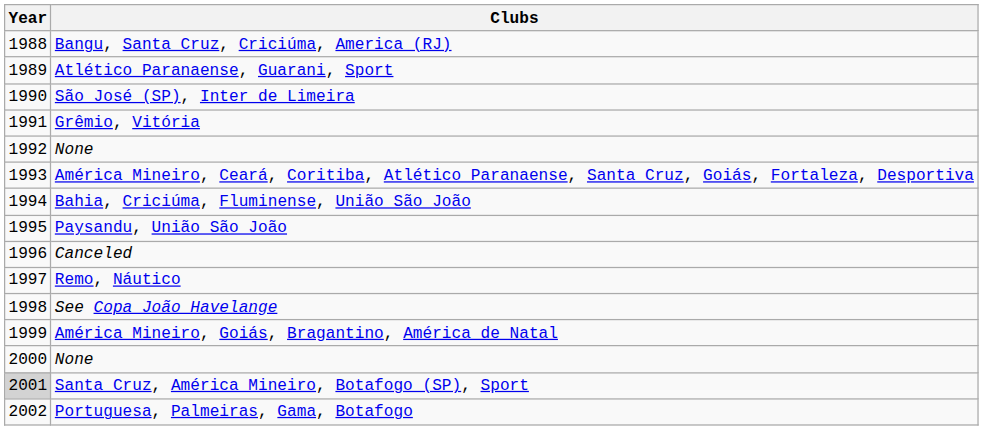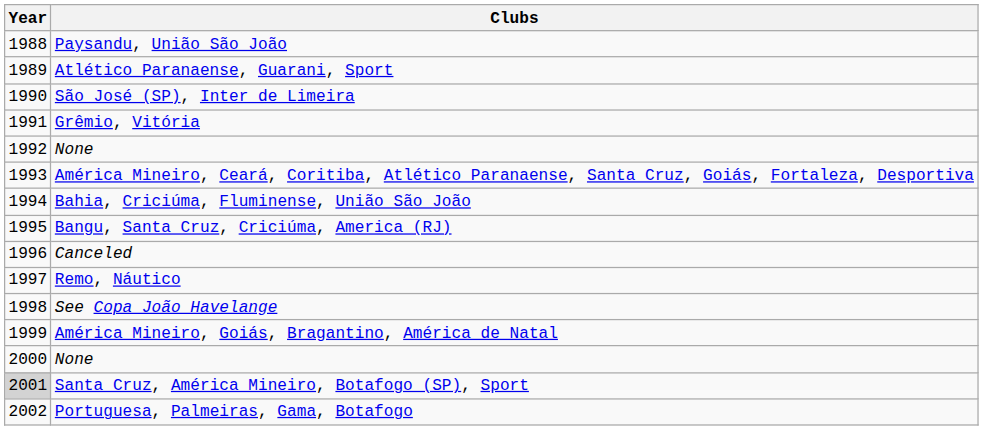 <table class="wikitable">
 <tr>
 <th>Year</th>
 <th>Clubs</th>
 </tr>
 <tr>
 <td>1988</td>
-<td><a href='#'>Bangu</a>, <a href='#'>Santa Cruz</a>, <a href='#'>Criciúma</a>, <a href='#'>America (RJ)</a></td>
+<td><a href='#'>Paysandu</a>, <a href='#'>União São João</a></td>
 </tr>
 <tr>
 <td>1989</td>
 <td><a href='#'>Atlético Paranaense</a>, <a href='#'>Guarani</a>, <a href='#'>Sport</a></td>
 </tr>
 <tr>
 <td>1990</td>
 <td><a href='#'>São José (SP)</a>, <a href='#'>Inter de Limeira</a></td>
 </tr>
 <tr>
 <td>1991</td>
 <td><a href='#'>Grêmio</a>, <a href='#'>Vitória</a></td>
 </tr>
 <tr>
 <td>1992</td>
 <td><em>None</em></td>
 </tr>
 <tr>
 <td>1993</td>
 <td><a href='#'>América Mineiro</a>, <a href='#'>Ceará</a>, <a href='#'>Coritiba</a>, <a href='#'>Atlético Paranaense</a>, <a href='#'>Santa Cruz</a>, <a href='#'>Goiás</a>, <a href='#'>Fortaleza</a>, <a href='#'>Desportiva</a></td>
 </tr>
 <tr>
 <td>1994</td>
 <td><a href='#'>Bahia</a>, <a href='#'>Criciúma</a>, <a href='#'>Fluminense</a>, <a href='#'>União São João</a></td>
 </tr>
 <tr>
 <td>1995</td>
-<td><a href='#'>Paysandu</a>, <a href='#'>União São João</a></td>
+<td><a href='#'>Bangu</a>, <a href='#'>Santa Cruz</a>, <a href='#'>Criciúma</a>, <a href='#'>America (RJ)</a></td>
 </tr>
 <tr>
 <td>1996</td>
 <td><em>Canceled</em></td>
 </tr>
 <tr>
 <td>1997</td>
 <td><a href='#'>Remo</a>, <a href='#'>Náutico</a></td>
 </tr>
 <tr>
 <td>1998</td>
 <td><em>See <a href='#'>Copa João Havelange</a></em></td>
 </tr>
 <tr>
 <td>1999</td>
 <td><a href='#'>América Mineiro</a>, <a href='#'>Goiás</a>, <a href='#'>Bragantino</a>, <a href='#'>América de Natal</a></td>
 </tr>
 <tr>
 <td>2000</td>
 <td><em>None</em></td>
 </tr>
 <tr>
 <td style="background: lightgrey;">2001</td>
 <td><a href='#'>Santa Cruz</a>, <a href='#'>América Mineiro</a>, <a href='#'>Botafogo (SP)</a>, <a href='#'>Sport</a></td>
 </tr>
 <tr>
 <td>2002</td>
 <td><a href='#'>Portuguesa</a>, <a href='#'>Palmeiras</a>, <a href='#'>Gama</a>, <a href='#'>Botafogo</a></td>
 </tr>
 </table>
